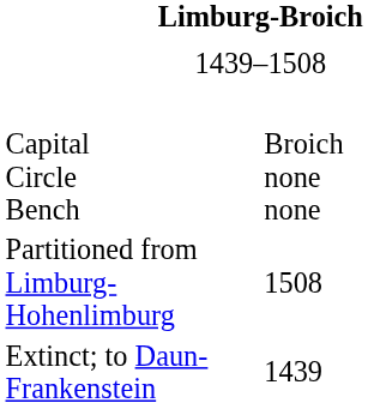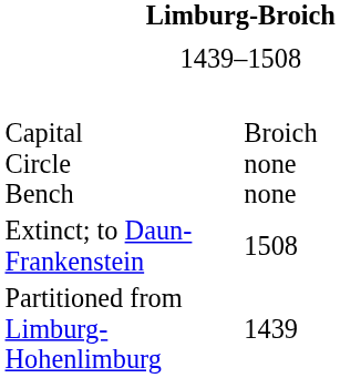 <table align="right" class="toccolours">
 <tr>
 <td colspan=2 align="center"><strong>Limburg-Broich</strong></td>
 </tr>
 <tr>
 <td colspan=2 align="center"></td>
 </tr>
 <tr>
 <td colspan=2 align="center">1439–1508</td>
 </tr>
 <tr>
 <td><br></td>
 </tr>
 <tr>
 <td width=138px>Capital<br>Circle<br>Bench</td>
 <td width=138px>Broich<br>none<br>none</td>
 </tr>
 <tr>
-<td>Partitioned from <a href='#'>Limburg-Hohenlimburg</a></td>
+<td>Extinct; to <a href='#'>Daun-Frankenstein</a></td>
 <td>1508</td>
 </tr>
 <tr>
-<td>Extinct; to <a href='#'>Daun-Frankenstein</a></td>
+<td>Partitioned from <a href='#'>Limburg-Hohenlimburg</a></td>
 <td>1439</td>
 </tr>
 <tr>
 </tr>
 </table>
